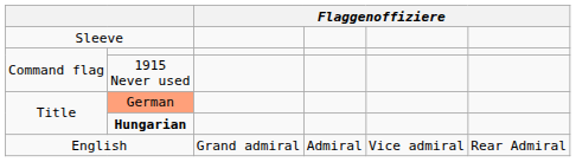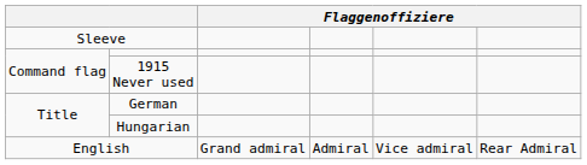 <table class="wikitable">
 <tr style="text-align:center;">
 <th colspan=2></th>
 <th colspan=4><em>Flaggenoffiziere</em></th>
 </tr>
 <tr style="text-align:center;">
 <td colspan=2>Sleeve</td>
 <td></td>
 <td></td>
 <td></td>
 <td></td>
 </tr>
 <tr style="text-align:center;">
 <td rowspan=2>Command flag</td>
 <td></td>
 <td></td>
 <td></td>
 <td></td>
 <td></td>
 </tr>
 <tr style="text-align:center;">
 <td>1915<br>Never used</td>
 <td></td>
 <td></td>
 <td></td>
 <td></td>
 </tr>
 <tr style="text-align:center;">
 <td rowspan=2>Title</td>
-<td style="background: lightsalmon;">German</td>
+<td>German</td>
 <td></td>
 <td></td>
 <td></td>
 <td></td>
 </tr>
 <tr style="text-align:center;">
-<td><strong>Hungarian</strong></td>
+<td>Hungarian</td>
 <td></td>
 <td></td>
 <td></td>
 <td></td>
 </tr>
 <tr style="text-align:center;">
 <td colspan=2>English</td>
 <td>Grand admiral</td>
 <td>Admiral</td>
 <td>Vice admiral</td>
 <td>Rear Admiral</td>
 </tr>
 </table>
